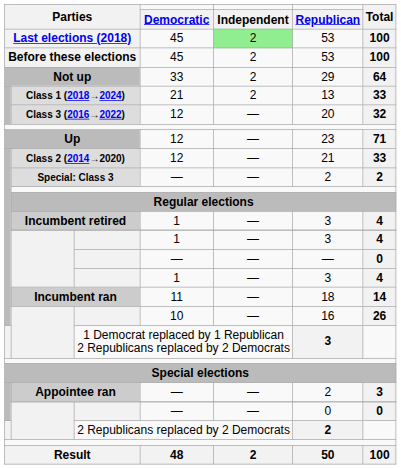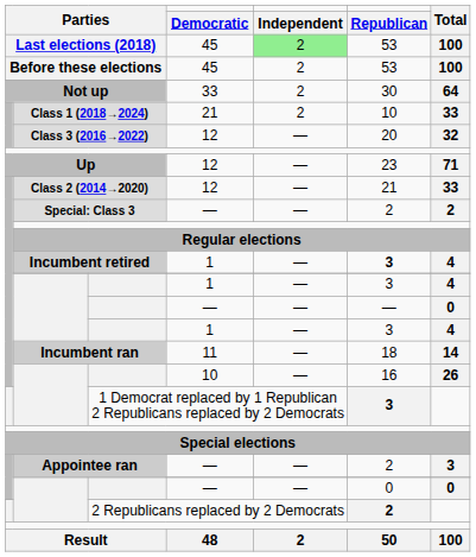 <table class=wikitable style="text-align:center">
 <tr>
 <th colspan=3 rowspan=2>Parties</th>
 <td style="background-color:"></td>
 <td style="background-color:"></td>
 <td style="background-color:"></td>
 <th rowspan=2>Total</th>
 </tr>
 <tr>
 <th><a href='#'>Democratic</a></th>
 <th>Independent</th>
 <th><a href='#'>Republican</a></th>
 </tr>
 <tr>
 <th colspan=3><a href='#'>Last elections (2018)</a></th>
 <td>45</td>
 <td style="background: lightgreen;">2</td>
 <td>53</td>
 <th>100</th>
 </tr>
 <tr>
 <th colspan=3>Before these elections</th>
 <td>45</td>
 <td>2</td>
 <td>53</td>
 <th>100</th>
 </tr>
 <tr>
 <th colspan=3 style="background:#bbb">Not up</th>
 <td>33</td>
 <td>2</td>
-<td>29</td>
+<td>30</td>
 <th>64</th>
 </tr>
 <tr>
 <th rowspan=2 style="background:#bbb"></th>
 <th colspan=2 style="background:#ddd"><small>Class 1 (<a href='#'>2018</a>→<a href='#'>2024</a>)</small></th>
 <td>21</td>
 <td>2</td>
-<td>13</td>
+<td>10</td>
 <th>33</th>
 </tr>
 <tr>
 <th colspan=2 style="background:#ddd"><small>Class 3 (<a href='#'>2016</a>→<a href='#'>2022</a>)</small></th>
 <td>12</td>
 <td>—</td>
 <td>20</td>
 <th>32</th>
 </tr>
 <tr>
 <td colspan=99></td>
 </tr>
 <tr>
 <th colspan=3 style="background:#bbb">Up</th>
 <td>12</td>
 <td>—</td>
 <td>23</td>
 <th>71</th>
 </tr>
 <tr>
 <th rowspan=11 style="background:#bbb"></th>
 <th colspan=2 style="background:#ddd"><small>Class 2 (<a href='#'>2014</a>→2020)</small></th>
 <td>12</td>
 <td>—</td>
 <td>21</td>
 <th>33</th>
 </tr>
 <tr>
 <th colspan=2 style="background:#ddd"><small>Special: Class 3</small></th>
 <td>—</td>
 <td>—</td>
 <td>2</td>
 <th>2</th>
 </tr>
 <tr>
 <td colspan=99></td>
 </tr>
 <tr>
 <th colspan=9 style="background:#bbb">Regular elections</th>
 </tr>
 <tr>
 <th colspan=2 style="background:#ccc">Incumbent retired</th>
 <td>1</td>
 <td>—</td>
-<td>3</td>
+<td><strong>3</strong></td>
 <th>4</th>
 </tr>
 <tr>
 </tr>
 <tr>
 <th rowspan=3></th>
 <th></th>
 <td>1</td>
 <td>—</td>
 <td>3</td>
 <th>4</th>
 </tr>
 <tr>
 <th></th>
 <td>—</td>
 <td>—</td>
 <td>—</td>
 <th>0</th>
 </tr>
 <tr>
 <th></th>
 <td>1</td>
 <td>—</td>
 <td>3</td>
 <th>4</th>
 </tr>
 <tr>
 <th colspan=2 style="background:#ccc">Incumbent ran</th>
 <td>11</td>
 <td>—</td>
 <td>18</td>
 <th>14</th>
 </tr>
 <tr>
 <th rowspan=2></th>
 <th></th>
 <td>10</td>
 <td>—</td>
 <td>16</td>
 <th>26</th>
 </tr>
 <tr>
 <th></th>
 <td colspan=3 > 1 Democrat replaced by  1 Republican<br> 2 Republicans replaced by  2 Democrats</td>
 <th>3</th>
 </tr>
 <tr>
 <td colspan=100></td>
 </tr>
 <tr>
 <th colspan=9 style="background:#bbb">Special elections</th>
 </tr>
 <tr>
 <th rowspan=3 style="background:#bbb"></th>
 <th colspan=2 style="background:#ccc">Appointee ran</th>
 <td>—</td>
 <td>—</td>
 <td>2</td>
 <th>3</th>
 </tr>
 <tr>
 </tr>
 <tr>
 <th rowspan=2></th>
 <th></th>
 <td>—</td>
 <td>—</td>
 <td>0</td>
 <th>0</th>
 </tr>
 <tr>
 <th></th>
 <td colspan=3 > 2 Republicans replaced by  2 Democrats</td>
 <th>2</th>
 </tr>
 <tr>
 <td colspan=100></td>
 </tr>
 <tr>
 <th colspan=3>Result</th>
 <th>48</th>
 <th>2</th>
 <th>50</th>
 <th>100</th>
 </tr>
 </table>
